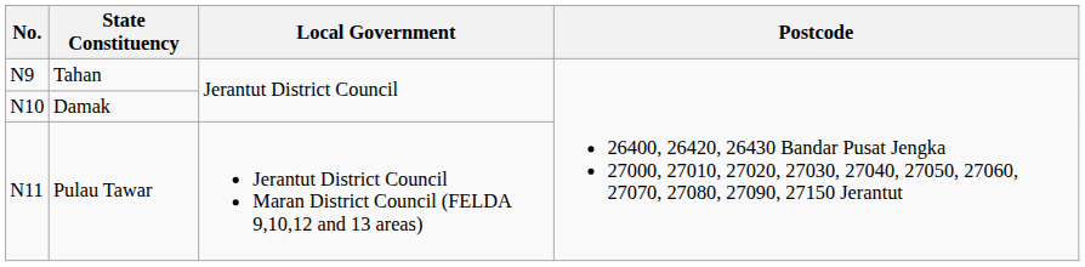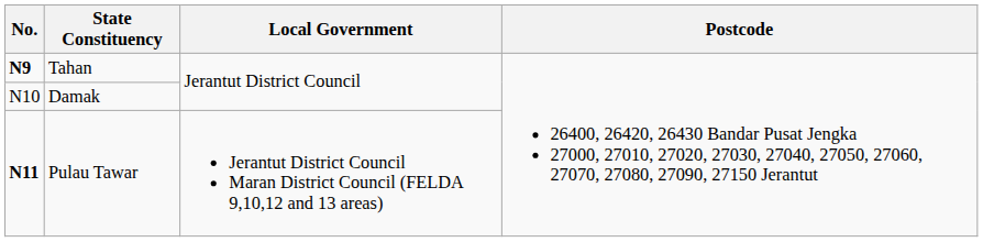 <table class="wikitable">
 <tr>
 <th>No.</th>
 <th>State Constituency</th>
 <th>Local Government</th>
 <th>Postcode</th>
 </tr>
 <tr>
-<td>N9</td>
+<td><strong>N9</strong></td>
 <td>Tahan</td>
 <td rowspan="2">Jerantut District Council</td>
 <td rowspan="3"><br><ul><li>26400, 26420, 26430 Bandar Pusat Jengka</li><li>27000, 27010, 27020, 27030, 27040, 27050, 27060, 27070, 27080, 27090, 27150 Jerantut</li></ul></td>
 </tr>
 <tr>
 <td>N10</td>
 <td>Damak</td>
 </tr>
 <tr>
-<td>N11</td>
+<td><strong>N11</strong></td>
 <td>Pulau Tawar</td>
 <td><br><ul><li>Jerantut District Council</li><li>Maran District Council (FELDA 9,10,12 and 13 areas)</li></ul></td>
 </tr>
 </table>
